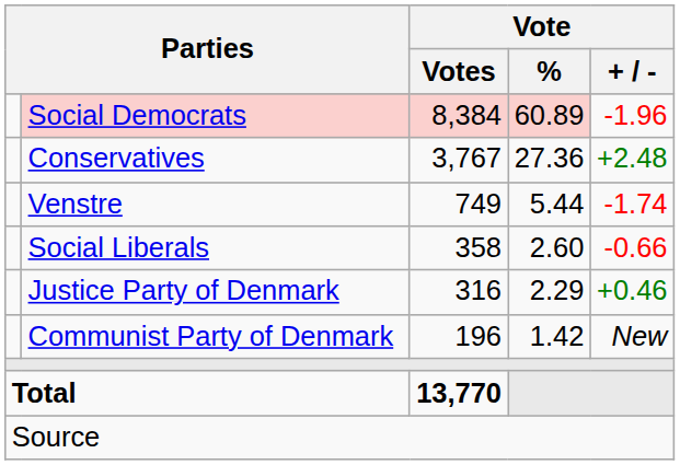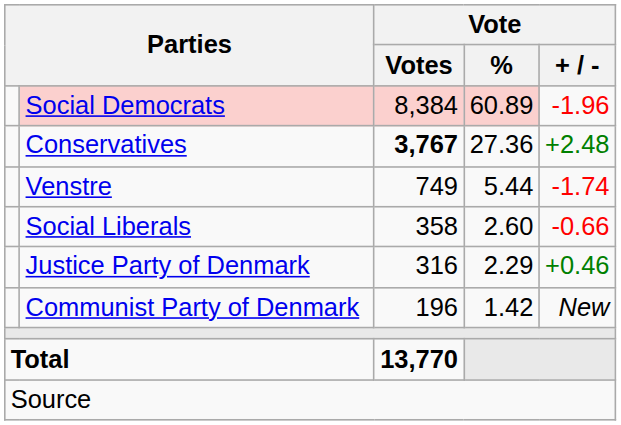 <table class="wikitable" style="text-align:right;">
 <tr>
 <th style="text-align:centre;" rowspan="2" colspan="2" width="225">Parties</th>
 <th colspan="3">Vote</th>
 </tr>
 <tr>
 <th width="15">Votes</th>
 <th width="15">%</th>
 <th width="15">+ / -</th>
 </tr>
 <tr>
 <td width="2" style="color:inherit;background:"></td>
 <td bgcolor=#fbd0ce  align="left"><a href='#'>Social Democrats</a></td>
 <td bgcolor=#fbd0ce>8,384</td>
 <td bgcolor=#fbd0ce>60.89</td>
 <td style=color:red;>-1.96</td>
 </tr>
 <tr>
 <td width="2" style="color:inherit;background:"></td>
 <td align="left"><a href='#'>Conservatives</a></td>
-<td>3,767</td>
+<td><strong>3,767</strong></td>
 <td>27.36</td>
 <td style=color:green;>+2.48</td>
 </tr>
 <tr>
 <td width="2" style="color:inherit;background:"></td>
 <td align="left"><a href='#'>Venstre</a></td>
 <td>749</td>
 <td>5.44</td>
 <td style=color:red;>-1.74</td>
 </tr>
 <tr>
 <td width="2" style="color:inherit;background:"></td>
 <td align="left"><a href='#'>Social Liberals</a></td>
 <td>358</td>
 <td>2.60</td>
 <td style=color:red;>-0.66</td>
 </tr>
 <tr>
 <td width="2" style="color:inherit;background:"></td>
 <td align="left"><a href='#'>Justice Party of Denmark</a></td>
 <td>316</td>
 <td>2.29</td>
 <td style=color:green;>+0.46</td>
 </tr>
 <tr>
 <td width="2" style="color:inherit;background:"></td>
 <td align="left"><a href='#'>Communist Party of Denmark</a></td>
 <td>196</td>
 <td>1.42</td>
 <td><em>New</em></td>
 </tr>
 <tr>
 <td colspan="7" bgcolor="#E9E9E9"></td>
 </tr>
 <tr>
 <td align="left" colspan="2"><strong>Total</strong></td>
 <td><strong>13,770</strong></td>
 <td bgcolor="#E9E9E9" colspan="2"></td>
 </tr>
 <tr>
 <td align="left" colspan="6">Source</td>
 </tr>
 </table>
